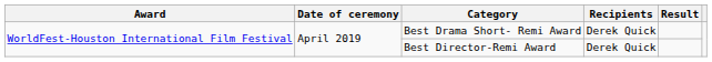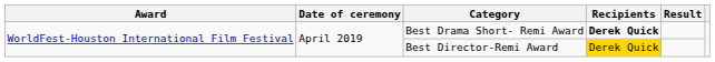 <table class="wikitable">
 <tr>
 <th>Award</th>
 <th>Date of ceremony</th>
 <th>Category</th>
 <th>Recipients</th>
 <th>Result</th>
 <th></th>
 </tr>
 <tr>
 <td rowspan="2"><a href='#'>WorldFest-Houston International Film Festival</a></td>
 <td rowspan="2">April 2019</td>
 <td>Best Drama Short- Remi Award</td>
-<td>Derek Quick</td>
+<td><strong>Derek Quick</strong></td>
 <td></td>
 <td rowspan="2"></td>
 </tr>
 <tr>
 <td>Best Director-Remi Award</td>
-<td>Derek Quick</td>
+<td style="background: gold;">Derek Quick</td>
 <td></td>
 </tr>
 </table>
